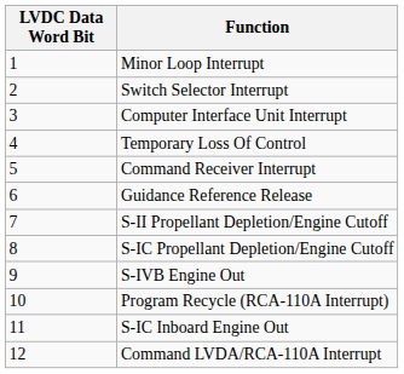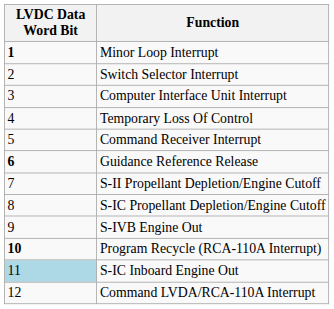 <table class="wikitable">
 <tr>
 <th width="100">LVDC Data  Word Bit</th>
 <th>Function</th>
 </tr>
 <tr>
-<td>1</td>
+<td><strong>1</strong></td>
 <td>Minor Loop Interrupt</td>
 </tr>
 <tr>
 <td>2</td>
 <td>Switch Selector Interrupt</td>
 </tr>
 <tr>
 <td>3</td>
 <td>Computer Interface Unit Interrupt</td>
 </tr>
 <tr>
 <td>4</td>
 <td>Temporary Loss Of Control</td>
 </tr>
 <tr>
 <td>5</td>
 <td>Command Receiver Interrupt</td>
 </tr>
 <tr>
-<td>6</td>
+<td><strong>6</strong></td>
 <td>Guidance Reference Release</td>
 </tr>
 <tr>
 <td>7</td>
 <td>S-II Propellant Depletion/Engine Cutoff</td>
 </tr>
 <tr>
 <td>8</td>
 <td>S-IC Propellant Depletion/Engine Cutoff</td>
 </tr>
 <tr>
 <td>9</td>
 <td>S-IVB Engine Out</td>
 </tr>
 <tr>
-<td>10</td>
+<td><strong>10</strong></td>
 <td>Program Recycle (RCA-110A Interrupt)</td>
 </tr>
 <tr>
-<td>11</td>
+<td style="background: lightblue;">11</td>
 <td>S-IC Inboard Engine Out</td>
 </tr>
 <tr>
 <td>12</td>
 <td>Command LVDA/RCA-110A Interrupt</td>
 </tr>
 </table>
